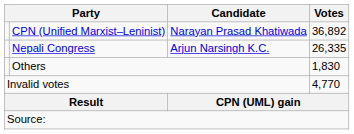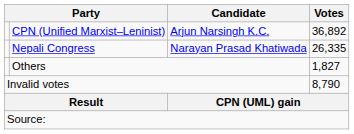 <table class="wikitable">
 <tr>
 <th colspan="2">Party</th>
 <th>Candidate</th>
 <th>Votes</th>
 </tr>
 <tr>
 <td style="background-color:"></td>
 <td><a href='#'>CPN (Unified Marxist–Leninist)</a></td>
-<td><a href='#'>Narayan Prasad Khatiwada</a></td>
+<td><a href='#'>Arjun Narsingh K.C.</a></td>
 <td>36,892</td>
 </tr>
 <tr>
 <td style="background-color:"></td>
 <td><a href='#'>Nepali Congress</a></td>
-<td><a href='#'>Arjun Narsingh K.C.</a></td>
+<td><a href='#'>Narayan Prasad Khatiwada</a></td>
 <td>26,335</td>
 </tr>
 <tr>
 <td></td>
 <td colspan="2">Others</td>
-<td>1,830</td>
+<td>1,827</td>
 </tr>
 <tr>
 <td colspan="3">Invalid votes</td>
-<td>4,770</td>
+<td>8,790</td>
 </tr>
 <tr>
 <th colspan="2">Result</th>
 <th colspan="2">CPN (UML) gain</th>
 </tr>
 <tr>
 <td colspan="4">Source: </td>
 </tr>
 </table>
